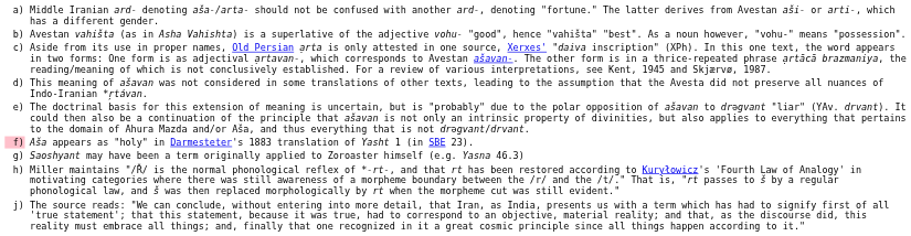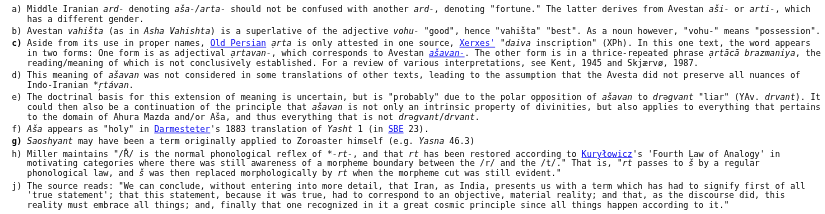 <table>
 <tr>
 <td style="vertical-align:top; width:2em; text-align:right;">a)</td>
 <td valign="top"></td>
 <td>Middle Iranian <em>ard-</em> denoting <em>aša-/arta-</em> should not be confused with another <em>ard-</em>, denoting "fortune." The latter derives from Avestan <em>aši-</em> or <em>arti-</em>, which has a different gender.</td>
 </tr>
 <tr>
 <td style="vertical-align:top; width:2em; text-align:right;">b)</td>
 <td valign="top"></td>
 <td>Avestan <em>vahišta</em> (as in <em>Asha Vahishta</em>) is a superlative of the adjective <em>vohu-</em> "good", hence "vahišta" "best". As a noun however, "vohu-" means "possession".</td>
 </tr>
 <tr>
-<td style="vertical-align:top; width:2em; text-align:right;">c)</td>
+<td style="vertical-align:top; width:2em; text-align:right;"><strong>c)</strong></td>
 <td valign="top"></td>
 <td>Aside from its use in proper names, <a href='#'>Old Persian</a> <em>ạrta</em> is only attested in one source, <a href='#'>Xerxes'</a> "<em>daiva</em> inscription" (XPh). In this one text, the word appears in two forms: One form is as adjectival <em>ạrtavan-</em>, which corresponds to Avestan <em><a href='#'>ašavan-</a></em>. The other form is in a thrice-repeated phrase <em>ạrtācā brazmaniya</em>, the reading/meaning of which is not conclusively established. For a review of various interpretations, see Kent, 1945 and Skjærvø, 1987. </td>
 </tr>
 <tr>
 <td style="vertical-align:top; width:2em; text-align:right;">d)</td>
 <td valign="top"></td>
 <td>This meaning of <em>ašavan</em> was not considered in some translations of other texts, leading to the assumption that the Avesta did not preserve all nuances of Indo-Iranian <em>*ŗtávan</em>.</td>
 </tr>
 <tr>
 <td style="vertical-align:top; width:2em; text-align:right;">e)</td>
 <td valign="top"></td>
 <td>The doctrinal basis for this extension of meaning is uncertain, but is "probably" due to the polar opposition of <em>ašavan</em> to <em>dr</em>ə<em>gvant</em> "liar" (YAv. <em>drvant</em>). It could then also be a continuation of the principle that <em>ašavan</em> is not only an intrinsic property of divinities, but also applies to everything that pertains to the domain of Ahura Mazda and/or Aša, and thus everything that is not <em>dr</em>ə<em>gvant</em>/<em>drvant</em>.</td>
 </tr>
 <tr>
-<td style="background: pink; vertical-align:top; width:2em; text-align:right;">f)</td>
+<td style="vertical-align:top; width:2em; text-align:right;">f)</td>
 <td valign="top"></td>
 <td><em>Aša</em> appears as "holy" in <a href='#'>Darmesteter</a>'s 1883 translation of <em>Yasht</em> 1 (in <a href='#'>SBE</a> 23). </td>
 </tr>
 <tr>
-<td style="vertical-align:top; width:2em; text-align:right;">g)</td>
+<td style="vertical-align:top; width:2em; text-align:right;"><strong>g)</strong></td>
 <td valign="top"></td>
 <td><em>Saoshyant</em> may have been a term originally applied to Zoroaster himself (e.g. <em>Yasna</em> 46.3)</td>
 </tr>
 <tr>
 <td style="vertical-align:top; width:2em; text-align:right;">h)</td>
 <td valign="top"></td>
 <td>Miller maintains "/Ř/ is the normal phonological reflex of <em>*-rt-</em>, and that <em>rt</em> has been restored according to <a href='#'>Kuryłowicz</a>'s 'Fourth Law of Analogy' in motivating categories where there was still awareness of a morpheme boundary between the /r/ and the /t/." That is, "<em>rt</em> passes to <em>š</em> by a regular phonological law, and <em>š</em> was then replaced morphologically by <em>rt</em> when the morpheme cut was still evident."</td>
 </tr>
 <tr>
 <td style="vertical-align:top; width:2em; text-align:right;">j)</td>
 <td valign="top"></td>
 <td>The source reads: "We can conclude, without entering into more detail, that Iran, as India, presents us with a term which has had to signify first of all 'true statement'; that this statement, because it was true, had to correspond to an objective, material reality; and that, as the discourse did, this reality must embrace all things; and, finally that one recognized in it a great cosmic principle since all things happen according to it."</td>
 </tr>
 </table>
